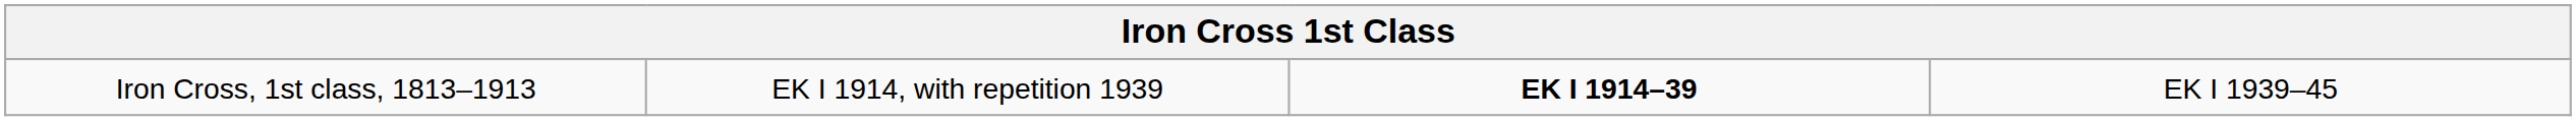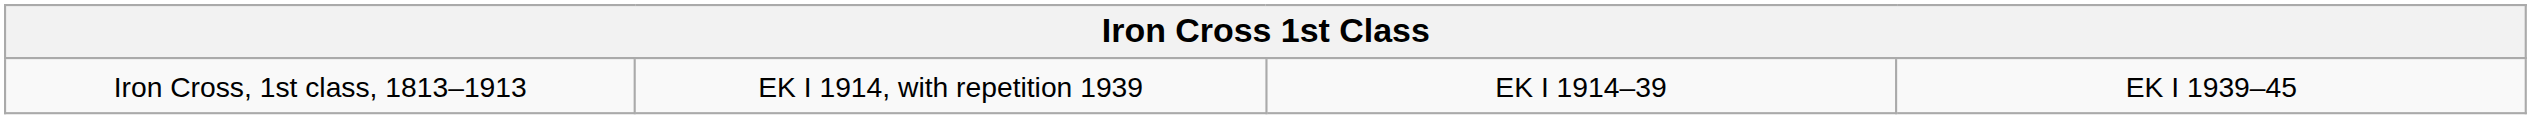 <table class="wikitable" style="margin:left; width:60%;">
 <tr>
 <th colspan=4><strong>Iron Cross 1st Class</strong></th>
 </tr>
 <tr>
 <td style="vertical-align:top; width:20%; text-align:center;"> <small>Iron Cross, 1st class, 1813–1913</small></td>
 <td style="vertical-align:top; width:20%; text-align:center;"><small>EK I 1914, with repetition 1939</small></td>
-<td style="vertical-align:top; width:20%; text-align:center;"><strong><small>EK I 1914–39</small></strong></td>
+<td style="vertical-align:top; width:20%; text-align:center;"><small>EK I 1914–39</small></td>
 <td style="vertical-align:top; width:20%; text-align:center;"><small>EK I 1939–45</small></td>
 </tr>
 </table>
